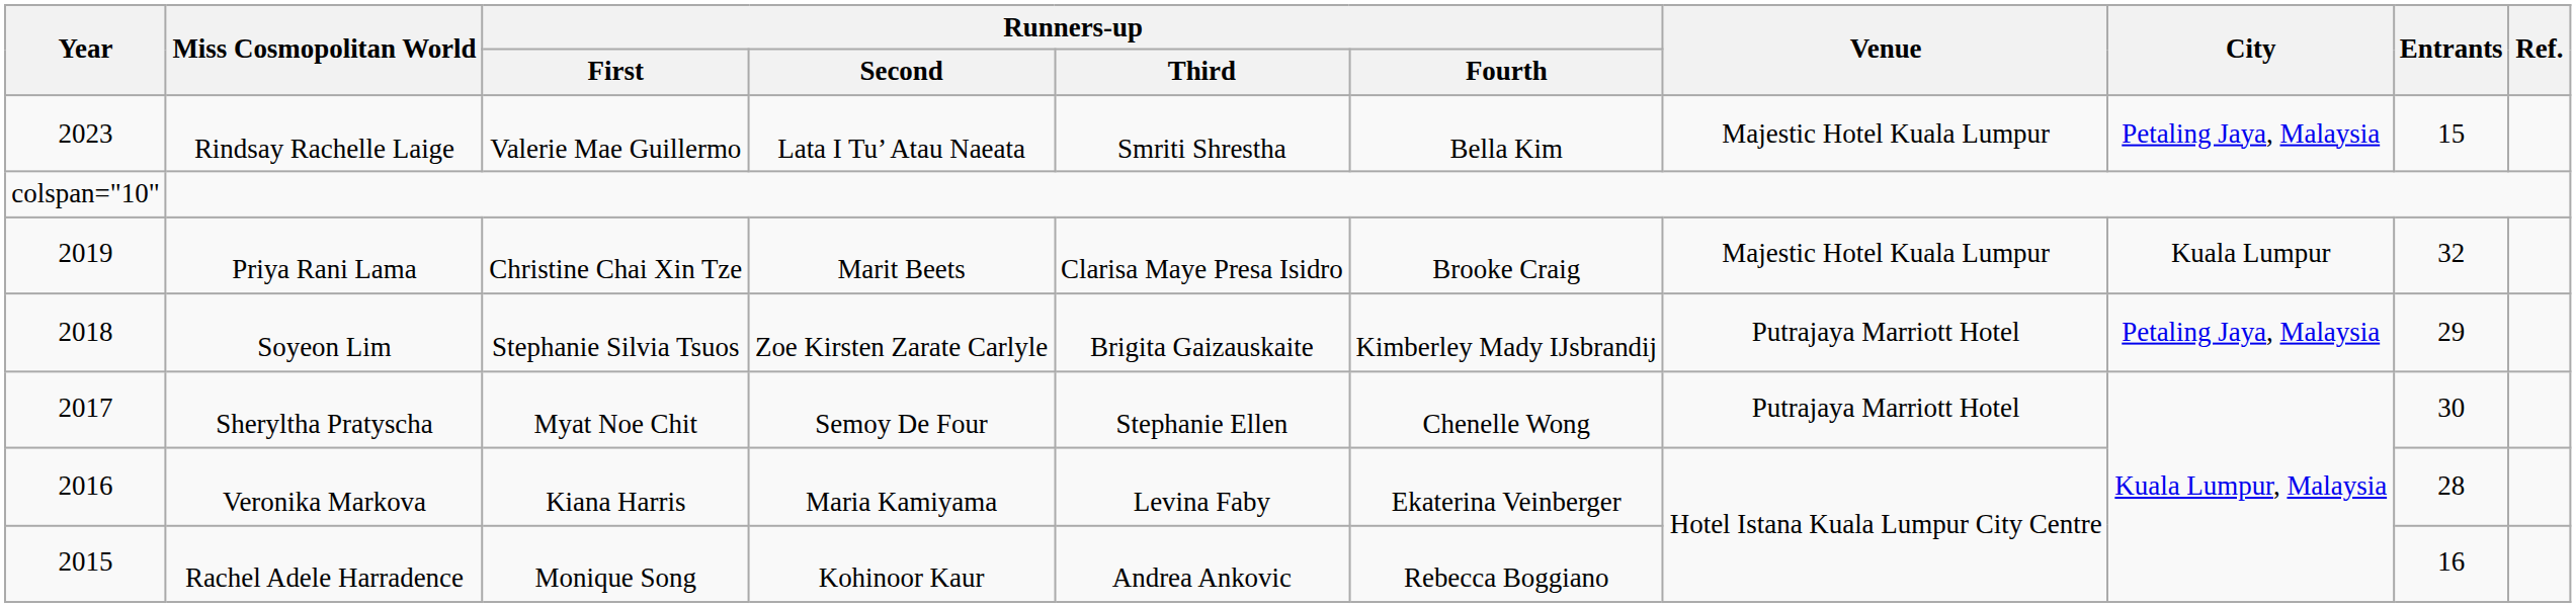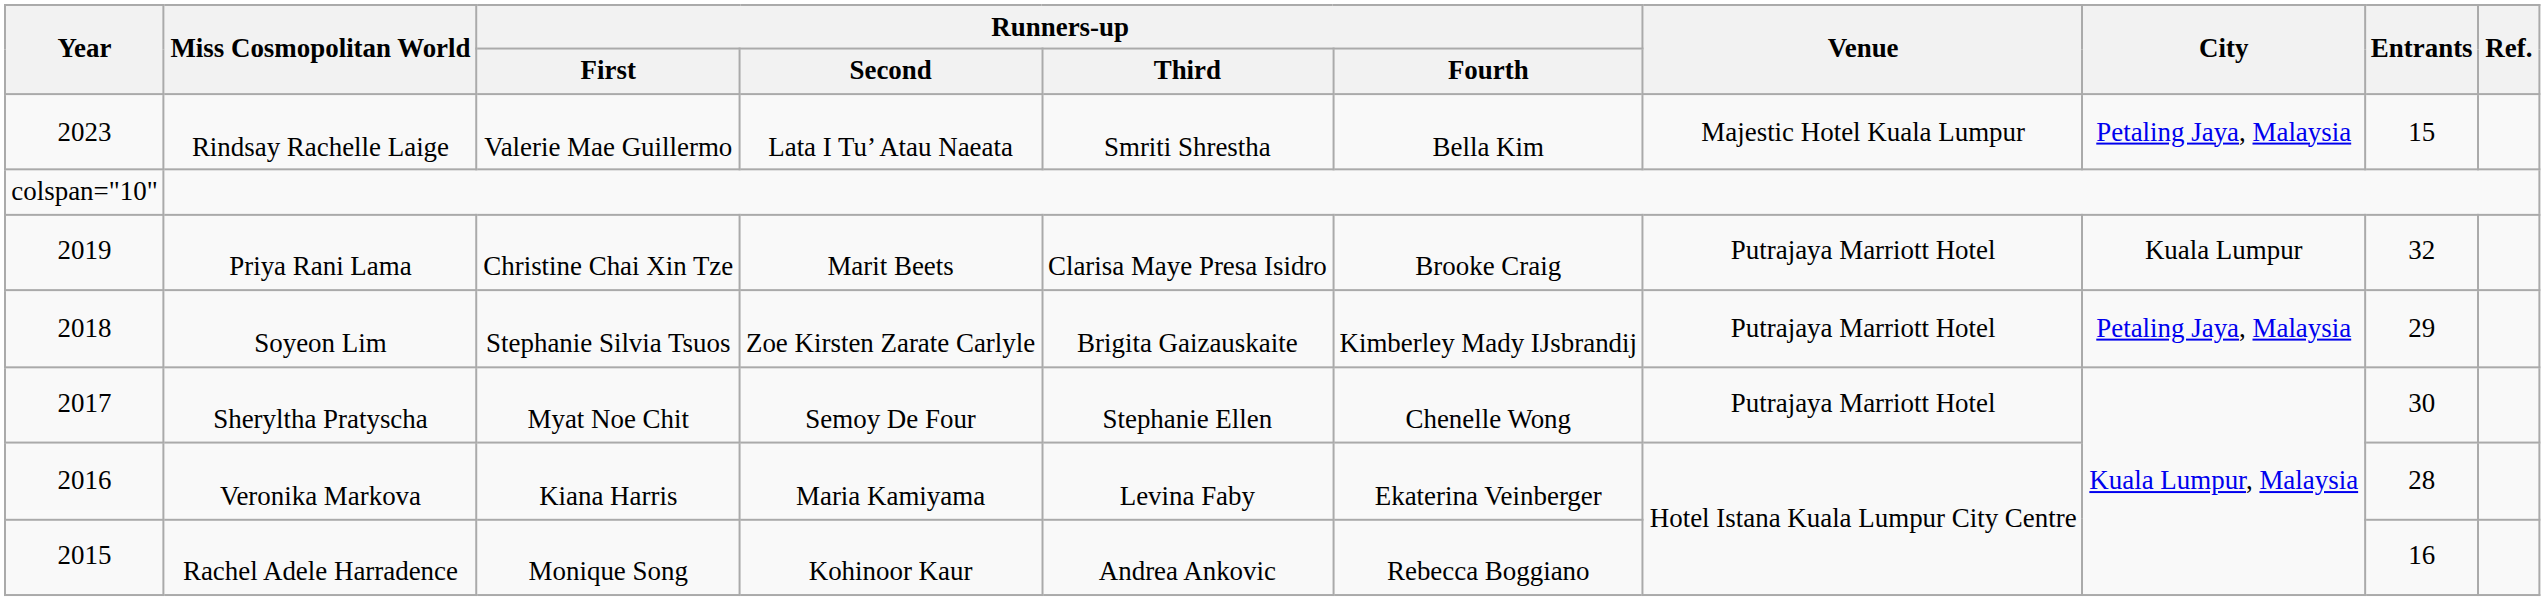 <table class="wikitable sortable" style="font-size: 85%; text-align:center">
 <tr>
 <th rowspan="2">Year</th>
 <th rowspan="2">Miss Cosmopolitan World</th>
 <th colspan="4">Runners-up</th>
 <th rowspan="2">Venue</th>
 <th rowspan="2">City</th>
 <th rowspan="2">Entrants</th>
 <th rowspan="2">Ref.</th>
 </tr>
 <tr>
 <th>First</th>
 <th>Second</th>
 <th>Third</th>
 <th>Fourth</th>
 </tr>
 <tr>
 <td>2023</td>
 <td><br>Rindsay Rachelle Laige</td>
 <td><br>Valerie Mae Guillermo</td>
 <td><br>Lata I Tu’ Atau Naeata</td>
 <td><br>Smriti Shrestha</td>
 <td><br>Bella Kim</td>
 <td>Majestic Hotel Kuala Lumpur</td>
 <td rowspan=""><a href='#'>Petaling Jaya</a>, <a href='#'>Malaysia</a></td>
 <td>15</td>
 <td></td>
 </tr>
 <tr>
 <td>colspan="10" </td>
 </tr>
 <tr>
 <td>2019</td>
 <td><br>Priya Rani Lama</td>
 <td><br>Christine Chai Xin Tze</td>
 <td><br>Marit Beets</td>
 <td><br>Clarisa Maye Presa Isidro</td>
 <td><br>Brooke Craig</td>
-<td>Majestic Hotel Kuala Lumpur</td>
+<td>Putrajaya Marriott Hotel</td>
 <td>Kuala Lumpur</td>
 <td>32</td>
 <td></td>
 </tr>
 <tr>
 <td>2018</td>
 <td><br>Soyeon Lim</td>
 <td><br>Stephanie Silvia Tsuos</td>
 <td><br>Zoe Kirsten Zarate Carlyle</td>
 <td><br>Brigita Gaizauskaite</td>
 <td><br>Kimberley Mady IJsbrandij</td>
 <td>Putrajaya Marriott Hotel</td>
 <td rowspan=""><a href='#'>Petaling Jaya</a>, <a href='#'>Malaysia</a></td>
 <td>29</td>
 <td></td>
 </tr>
 <tr>
 <td>2017</td>
 <td><br>Sheryltha Pratyscha</td>
 <td><br>Myat Noe Chit</td>
 <td><br>Semoy De Four</td>
 <td><br>Stephanie Ellen</td>
 <td><br>Chenelle Wong</td>
 <td>Putrajaya Marriott Hotel</td>
 <td rowspan="3"><a href='#'>Kuala Lumpur</a>, <a href='#'>Malaysia</a></td>
 <td>30</td>
 <td></td>
 </tr>
 <tr>
 <td>2016</td>
 <td><br>Veronika Markova</td>
 <td><br>Kiana Harris</td>
 <td><br>Maria Kamiyama</td>
 <td><br>Levina Faby</td>
 <td><br>Ekaterina Veinberger</td>
 <td rowspan="2">Hotel Istana Kuala Lumpur City Centre</td>
 <td>28</td>
 <td></td>
 </tr>
 <tr>
 <td>2015</td>
 <td><br>Rachel Adele Harradence</td>
 <td><br>Monique Song</td>
 <td><br>Kohinoor Kaur</td>
 <td><br>Andrea Ankovic</td>
 <td><br>Rebecca Boggiano</td>
 <td>16</td>
 <td></td>
 </tr>
 </table>
